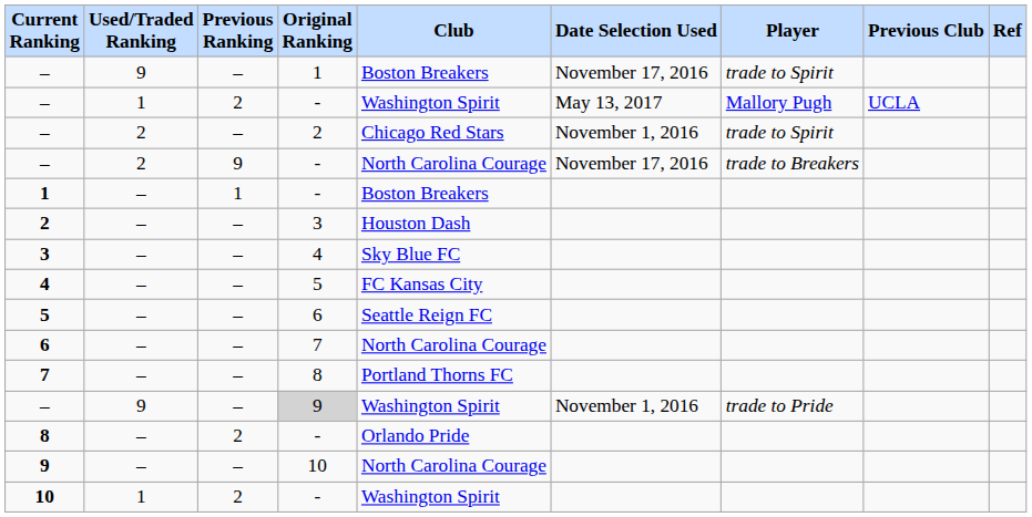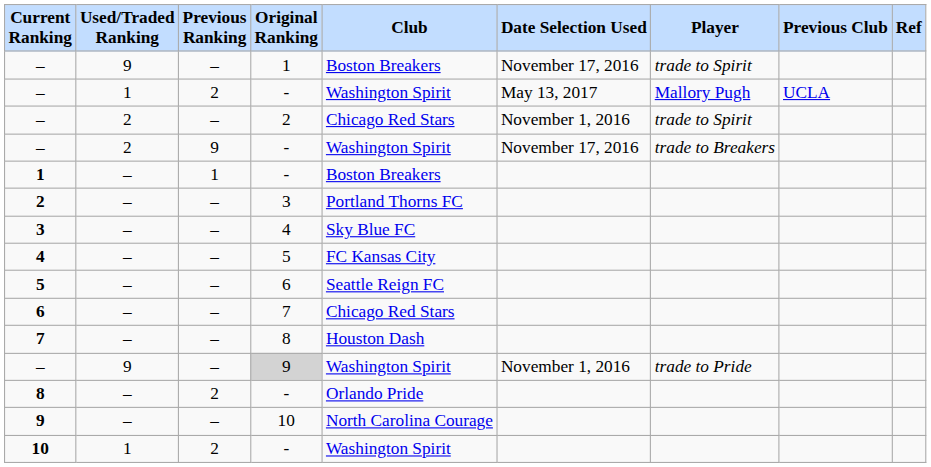 <table class="wikitable sortable" style="text-align:left; font-size:100%;">
 <tr>
 <th style="background:#c2ddff;">Current <br> Ranking</th>
 <th style="background:#c2ddff;">Used/Traded <br> Ranking</th>
 <th style="background:#c2ddff;">Previous <br> Ranking</th>
 <th style="background:#c2ddff;">Original <br> Ranking</th>
 <th style="background:#c2ddff;">Club</th>
 <th style="background:#c2ddff;">Date Selection Used</th>
 <th style="background:#c2ddff;">Player</th>
 <th style="background:#c2ddff;">Previous Club</th>
 <th style="background:#c2ddff;">Ref</th>
 </tr>
 <tr>
 <td align="center">–</td>
 <td align="center">9</td>
 <td align="center">–</td>
 <td align="center">1</td>
 <td><a href='#'>Boston Breakers</a></td>
 <td>November 17, 2016</td>
 <td><em>trade to Spirit</em></td>
 <td></td>
 <td></td>
 </tr>
 <tr>
 <td align="center">–</td>
 <td align="center">1</td>
 <td align="center">2</td>
 <td align="center">-</td>
 <td><a href='#'>Washington Spirit</a></td>
 <td>May 13, 2017</td>
 <td><a href='#'>Mallory Pugh</a></td>
 <td><a href='#'>UCLA</a></td>
 <td></td>
 </tr>
 <tr>
 <td align="center">–</td>
 <td align="center">2</td>
 <td align="center">–</td>
 <td align="center">2</td>
 <td><a href='#'>Chicago Red Stars</a></td>
 <td>November 1, 2016</td>
 <td><em>trade to Spirit</em></td>
 <td></td>
 <td></td>
 </tr>
 <tr>
 <td align="center">–</td>
 <td align="center">2</td>
 <td align="center">9</td>
 <td align="center">-</td>
-<td><a href='#'>North Carolina Courage</a></td>
+<td><a href='#'>Washington Spirit</a></td>
 <td>November 17, 2016</td>
 <td><em>trade to Breakers</em></td>
 <td></td>
 <td></td>
 </tr>
 <tr>
 <td align="center"><strong>1</strong></td>
 <td align="center">–</td>
 <td align="center">1</td>
 <td align="center">-</td>
 <td><a href='#'>Boston Breakers</a></td>
 <td></td>
 <td></td>
 <td></td>
 <td></td>
 </tr>
 <tr>
 <td align="center"><strong>2</strong></td>
 <td align="center">–</td>
 <td align="center">–</td>
 <td align="center">3</td>
-<td><a href='#'>Houston Dash</a></td>
+<td><a href='#'>Portland Thorns FC</a></td>
 <td></td>
 <td></td>
 <td></td>
 <td></td>
 </tr>
 <tr>
 <td align="center"><strong>3</strong></td>
 <td align="center">–</td>
 <td align="center">–</td>
 <td align="center">4</td>
 <td><a href='#'>Sky Blue FC</a></td>
 <td></td>
 <td></td>
 <td></td>
 <td></td>
 </tr>
 <tr>
 <td align="center"><strong>4</strong></td>
 <td align="center">–</td>
 <td align="center">–</td>
 <td align="center">5</td>
 <td><a href='#'>FC Kansas City</a></td>
 <td></td>
 <td></td>
 <td></td>
 <td></td>
 </tr>
 <tr>
 <td align="center"><strong>5</strong></td>
 <td align="center">–</td>
 <td align="center">–</td>
 <td align="center">6</td>
 <td><a href='#'>Seattle Reign FC</a></td>
 <td></td>
 <td></td>
 <td></td>
 <td></td>
 </tr>
 <tr>
 <td align="center"><strong>6</strong></td>
 <td align="center">–</td>
 <td align="center">–</td>
 <td align="center">7</td>
-<td><a href='#'>North Carolina Courage</a></td>
+<td><a href='#'>Chicago Red Stars</a></td>
 <td></td>
 <td></td>
 <td></td>
 <td></td>
 </tr>
 <tr>
 <td align="center"><strong>7</strong></td>
 <td align="center">–</td>
 <td align="center">–</td>
 <td align="center">8</td>
-<td><a href='#'>Portland Thorns FC</a></td>
+<td><a href='#'>Houston Dash</a></td>
 <td></td>
 <td></td>
 <td></td>
 <td></td>
 </tr>
 <tr>
 <td align="center">–</td>
 <td align="center">9</td>
 <td align="center">–</td>
 <td align="center" style="background: lightgrey;">9</td>
 <td><a href='#'>Washington Spirit</a></td>
 <td>November 1, 2016</td>
 <td><em>trade to Pride</em></td>
 <td></td>
 <td></td>
 </tr>
 <tr>
 <td align="center"><strong>8</strong></td>
 <td align="center">–</td>
 <td align="center">2</td>
 <td align="center">-</td>
 <td><a href='#'>Orlando Pride</a></td>
 <td></td>
 <td></td>
 <td></td>
 <td></td>
 </tr>
 <tr>
 <td align="center"><strong>9</strong></td>
 <td align="center">–</td>
 <td align="center">–</td>
 <td align="center">10</td>
 <td><a href='#'>North Carolina Courage</a></td>
 <td></td>
 <td></td>
 <td></td>
 <td></td>
 </tr>
 <tr>
 <td align="center"><strong>10</strong></td>
 <td align="center">1</td>
 <td align="center">2</td>
 <td align="center">-</td>
 <td><a href='#'>Washington Spirit</a></td>
 <td></td>
 <td></td>
 <td></td>
 <td></td>
 </tr>
 </table>
